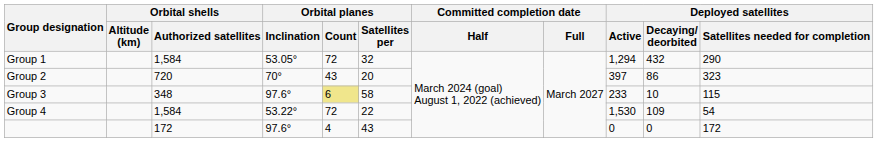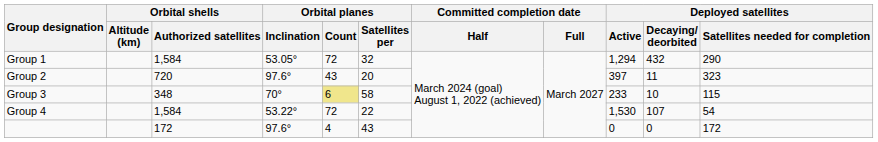 <table class="wikitable">
 <tr>
 <th rowspan=2>Group designation</th>
 <th colspan=2>Orbital shells</th>
 <th colspan=3>Orbital planes</th>
 <th colspan=2>Committed completion date</th>
 <th colspan="3">Deployed satellites<br></th>
 </tr>
 <tr>
 <th>Altitude<br>(km)</th>
 <th>Authorized satellites</th>
 <th>Incli­nation</th>
 <th>Count</th>
 <th>Satellites<br>per</th>
 <th>Half</th>
 <th>Full</th>
 <th>Active </th>
 <th>Decaying/<br>deorbited </th>
 <th><strong>Satellites needed for completion</strong></th>
 </tr>
 <tr>
 <td>Group 1</td>
 <td></td>
 <td>1,584</td>
 <td>53.05°</td>
 <td>72</td>
 <td>32</td>
 <td rowspan="5">March 2024 (goal)<br>August 1, 2022 (achieved)</td>
 <td rowspan="5">March 2027</td>
 <td>1,294</td>
 <td>432</td>
 <td>290</td>
 </tr>
 <tr>
 <td>Group 2</td>
 <td></td>
 <td>720</td>
-<td>70°</td>
+<td>97.6°</td>
 <td>43</td>
 <td>20</td>
 <td>397</td>
-<td>86</td>
+<td>11</td>
 <td>323</td>
 </tr>
 <tr>
 <td>Group 3</td>
 <td></td>
 <td>348</td>
-<td>97.6°</td>
+<td>70°</td>
 <td style="background: khaki;">6</td>
 <td>58</td>
 <td>233</td>
 <td>10 </td>
 <td>115</td>
 </tr>
 <tr>
 <td>Group 4</td>
 <td></td>
 <td>1,584</td>
 <td>53.22°</td>
 <td>72</td>
 <td>22</td>
 <td>1,530</td>
-<td>109</td>
+<td>107</td>
 <td>54</td>
 </tr>
 <tr>
 <td></td>
 <td></td>
 <td>172</td>
 <td>97.6°</td>
 <td>4</td>
 <td>43</td>
 <td>0</td>
 <td>0</td>
 <td>172</td>
 </tr>
 </table>
